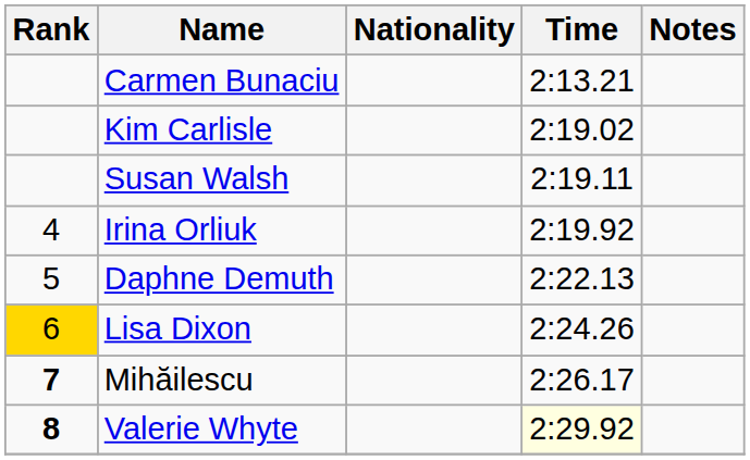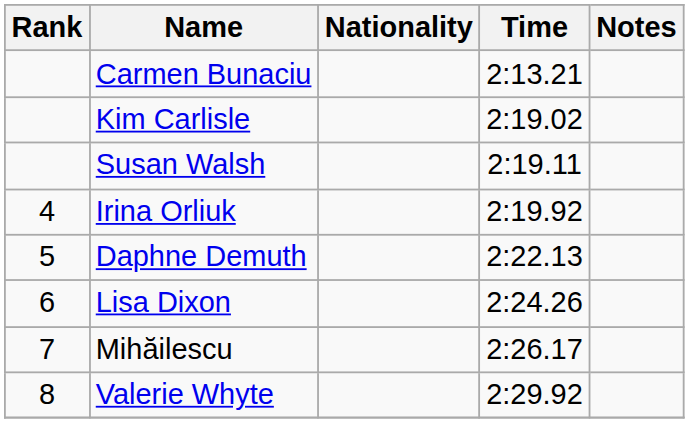 <table class="wikitable sortable" style="text-align:center">
 <tr>
 <th>Rank</th>
 <th>Name</th>
 <th>Nationality</th>
 <th>Time</th>
 <th>Notes</th>
 </tr>
 <tr>
 <td></td>
 <td align="left"><a href='#'>Carmen Bunaciu</a></td>
 <td align="left"></td>
 <td>2:13.21</td>
 <td></td>
 </tr>
 <tr>
 <td></td>
 <td align="left"><a href='#'>Kim Carlisle</a></td>
 <td align="left"></td>
 <td>2:19.02</td>
 <td></td>
 </tr>
 <tr>
 <td></td>
 <td align="left"><a href='#'>Susan Walsh</a></td>
 <td align="left"></td>
 <td>2:19.11</td>
 <td></td>
 </tr>
 <tr>
 <td>4</td>
 <td align="left"><a href='#'>Irina Orliuk</a></td>
 <td align="left"></td>
 <td>2:19.92</td>
 <td></td>
 </tr>
 <tr>
 <td>5</td>
 <td align="left"><a href='#'>Daphne Demuth</a></td>
 <td align="left"></td>
 <td>2:22.13</td>
 <td></td>
 </tr>
 <tr>
-<td style="background: gold;">6</td>
+<td>6</td>
 <td align="left"><a href='#'>Lisa Dixon</a></td>
 <td align="left"></td>
 <td>2:24.26</td>
 <td></td>
 </tr>
 <tr>
-<td><strong>7</strong></td>
+<td>7</td>
 <td align="left">Mihăilescu</td>
 <td align="left"></td>
 <td>2:26.17</td>
 <td></td>
 </tr>
 <tr>
-<td><strong>8</strong></td>
+<td>8</td>
 <td align="left"><a href='#'>Valerie Whyte</a></td>
 <td align="left"></td>
-<td style="background: lightyellow;">2:29.92</td>
+<td>2:29.92</td>
 <td></td>
 </tr>
 <tr>
 </tr>
 </table>
